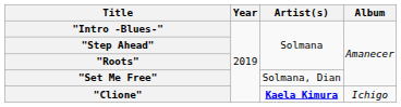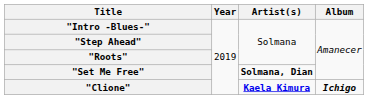 <table class="wikitable plainrowheaders" style="text-align:center;">
 <tr>
 <th scope="col" style="width:22em;">Title</th>
 <th scope="col">Year</th>
 <th scope="col">Artist(s)</th>
 <th scope="col">Album</th>
 </tr>
 <tr>
 <th scope="row">"Intro -Blues-"</th>
 <td rowspan="5">2019</td>
 <td rowspan="3">Solmana</td>
 <td rowspan="4"><em>Amanecer</em></td>
 </tr>
 <tr>
 <th scope="row">"Step Ahead"</th>
 </tr>
 <tr>
 <th scope="row">"Roots"</th>
 </tr>
 <tr>
 <th scope="row">"Set Me Free"</th>
-<td>Solmana, Dian</td>
+<td><strong>Solmana, Dian</strong></td>
 </tr>
 <tr>
 <th scope="row">"Clione"</th>
 <td><strong><a href='#'>Kaela Kimura</a></strong></td>
-<td><em>Ichigo</em></td>
+<td><strong><em>Ichigo</em></strong></td>
 </tr>
 </table>
